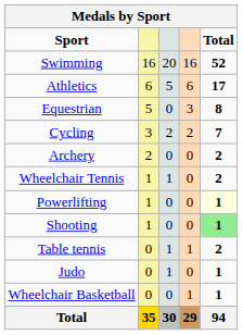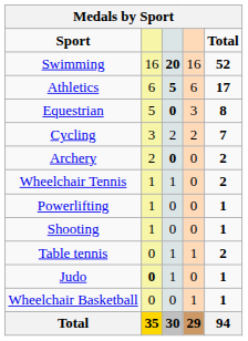 <table class="wikitable" style="font-size:95%">
 <tr style="background:#efefef;">
 <th colspan=5>Medals by Sport</th>
 </tr>
 <tr style="text-align:center;">
 <td><strong>Sport</strong></td>
 <td bgcolor=#f7f6a8></td>
 <td bgcolor=#dce5e5></td>
 <td bgcolor=#ffdab9></td>
 <td><strong>Total</strong></td>
 </tr>
 <tr style="text-align:center;">
 <td><a href='#'>Swimming</a></td>
 <td style="background:#F7F6A8;">16</td>
-<td style="background:#DCE5E5;">20</td>
+<td style="background:#DCE5E5;"><strong>20</strong></td>
 <td style="background:#FFDAB9;">16</td>
 <td><strong>52</strong></td>
 </tr>
 <tr style="text-align:center;">
 <td><a href='#'>Athletics</a></td>
 <td style="background:#F7F6A8;">6</td>
-<td style="background:#DCE5E5;">5</td>
+<td style="background:#DCE5E5;"><strong>5</strong></td>
 <td style="background:#FFDAB9;">6</td>
 <td><strong>17</strong></td>
 </tr>
 <tr style="text-align:center;">
 <td><a href='#'>Equestrian</a></td>
 <td style="background:#F7F6A8;">5</td>
-<td style="background:#DCE5E5;">0</td>
+<td style="background:#DCE5E5;"><strong>0</strong></td>
 <td style="background:#FFDAB9;">3</td>
 <td><strong>8</strong></td>
 </tr>
 <tr style="text-align:center;">
 <td><a href='#'>Cycling</a></td>
 <td style="background:#F7F6A8;">3</td>
 <td style="background:#DCE5E5;">2</td>
 <td style="background:#FFDAB9;">2</td>
 <td><strong>7</strong></td>
 </tr>
 <tr style="text-align:center;">
 <td><a href='#'>Archery</a></td>
 <td style="background:#F7F6A8;">2</td>
-<td style="background:#DCE5E5;">0</td>
+<td style="background:#DCE5E5;"><strong>0</strong></td>
 <td style="background:#FFDAB9;">0</td>
 <td><strong>2</strong></td>
 </tr>
 <tr style="text-align:center;">
 <td><a href='#'>Wheelchair Tennis</a></td>
 <td style="background:#F7F6A8;">1</td>
 <td style="background:#DCE5E5;">1</td>
 <td style="background:#FFDAB9;">0</td>
 <td><strong>2</strong></td>
 </tr>
 <tr style="text-align:center;">
 <td><a href='#'>Powerlifting</a></td>
 <td style="background:#F7F6A8;">1</td>
 <td style="background:#DCE5E5;">0</td>
 <td style="background:#FFDAB9;">0</td>
-<td style="background: lightyellow;"><strong>1</strong></td>
+<td><strong>1</strong></td>
 </tr>
 <tr style="text-align:center;">
 <td><a href='#'>Shooting</a></td>
 <td style="background:#F7F6A8;">1</td>
 <td style="background:#DCE5E5;">0</td>
 <td style="background:#FFDAB9;">0</td>
-<td style="background: lightgreen;"><strong>1</strong></td>
+<td><strong>1</strong></td>
 </tr>
 <tr style="text-align:center;">
 <td><a href='#'>Table tennis</a></td>
 <td style="background:#F7F6A8;">0</td>
 <td style="background:#DCE5E5;">1</td>
 <td style="background:#FFDAB9;">1</td>
 <td><strong>2</strong></td>
 </tr>
 <tr style="text-align:center;">
 <td><a href='#'>Judo</a></td>
-<td style="background:#F7F6A8;">0</td>
+<td style="background:#F7F6A8;"><strong>0</strong></td>
 <td style="background:#DCE5E5;">1</td>
 <td style="background:#FFDAB9;">0</td>
 <td><strong>1</strong></td>
 </tr>
 <tr style="text-align:center;">
 <td><a href='#'>Wheelchair Basketball</a></td>
 <td style="background:#F7F6A8;">0</td>
 <td style="background:#DCE5E5;">0</td>
 <td style="background:#FFDAB9;">1</td>
 <td><strong>1</strong></td>
 </tr>
 <tr>
 <th><strong>Total</strong></th>
 <th style="background:gold;"><strong>35</strong></th>
 <th style="background:silver;"><strong>30</strong></th>
 <th style="background:#c96;"><strong>29</strong></th>
 <th><strong>94</strong></th>
 </tr>
 </table>
